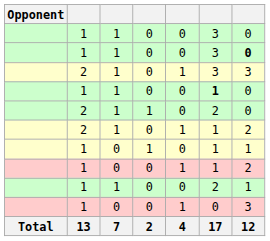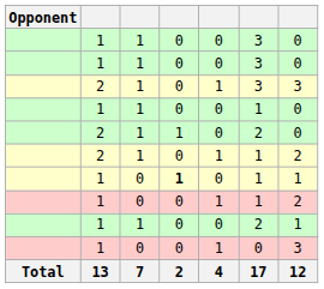 <table class="wikitable sortable" style="text-align: center;">
 <tr>
 <th width="30">Opponent</th>
 <th width="30"></th>
 <th width="30"></th>
 <th width="30"></th>
 <th width="30"></th>
 <th width="30"></th>
 <th width="30"></th>
 </tr>
 <tr bgcolor=#CCFFCC>
 <td align="left"></td>
 <td>1</td>
 <td>1</td>
 <td>0</td>
 <td>0</td>
 <td>3</td>
 <td>0</td>
 </tr>
 <tr bgcolor=#CCFFCC>
 <td align="left"></td>
 <td>1</td>
 <td>1</td>
 <td>0</td>
 <td>0</td>
 <td>3</td>
-<td><strong>0</strong></td>
+<td>0</td>
 </tr>
 <tr bgcolor=#FFFFCC>
 <td align="left"></td>
 <td>2</td>
 <td>1</td>
 <td>0</td>
 <td>1</td>
 <td>3</td>
 <td>3</td>
 </tr>
 <tr bgcolor=#CCFFCC>
 <td align="left"></td>
 <td>1</td>
 <td>1</td>
 <td>0</td>
 <td>0</td>
-<td><strong>1</strong></td>
+<td>1</td>
 <td>0</td>
 </tr>
 <tr bgcolor=#CCFFCC>
 <td align="left"></td>
 <td>2</td>
 <td>1</td>
 <td>1</td>
 <td>0</td>
 <td>2</td>
 <td>0</td>
 </tr>
 <tr bgcolor=#FFFFCC>
 <td align="left"></td>
 <td>2</td>
 <td>1</td>
 <td>0</td>
 <td>1</td>
 <td>1</td>
 <td>2</td>
 </tr>
 <tr bgcolor=#FFFFCC>
 <td align="left"></td>
 <td>1</td>
 <td>0</td>
-<td>1</td>
+<td><strong>1</strong></td>
 <td>0</td>
 <td>1</td>
 <td>1</td>
 </tr>
 <tr bgcolor=#FFCCCC>
 <td align="left"></td>
 <td>1</td>
 <td>0</td>
 <td>0</td>
 <td>1</td>
 <td>1</td>
 <td>2</td>
 </tr>
 <tr bgcolor=#CCFFCC>
 <td align="left"></td>
 <td>1</td>
 <td>1</td>
 <td>0</td>
 <td>0</td>
 <td>2</td>
 <td>1</td>
 </tr>
 <tr bgcolor=#FFCCCC>
 <td align="left"></td>
 <td>1</td>
 <td>0</td>
 <td>0</td>
 <td>1</td>
 <td>0</td>
 <td>3</td>
 </tr>
 <tr>
 <th>Total</th>
 <th>13</th>
 <th>7</th>
 <th>2</th>
 <th>4</th>
 <th>17</th>
 <th>12</th>
 </tr>
 </table>
